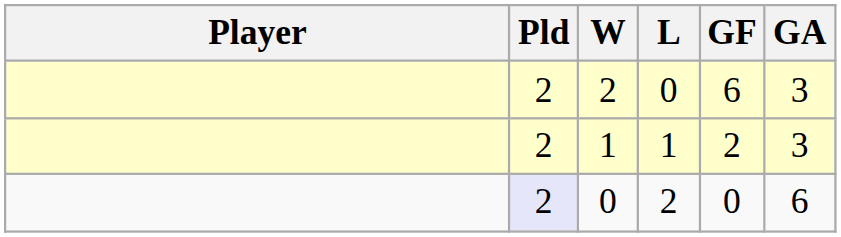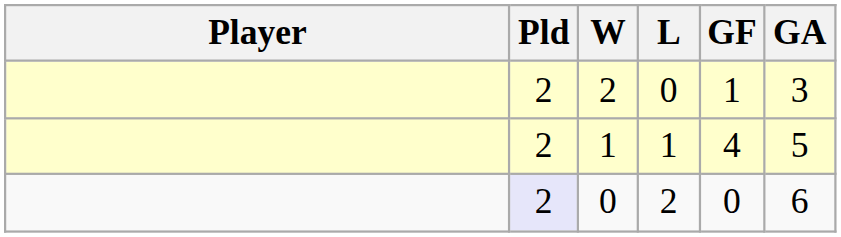 <table class=wikitable style="text-align:center">
 <tr>
 <th width=220>Player</th>
 <th width=20>Pld</th>
 <th width=20>W</th>
 <th width=20>L</th>
 <th width=20>GF</th>
 <th width=20>GA</th>
 </tr>
 <tr bgcolor=#ffffcc>
 <td align=left></td>
 <td>2</td>
 <td>2</td>
 <td>0</td>
-<td>6</td>
+<td>1</td>
 <td>3</td>
 </tr>
 <tr bgcolor=#ffffcc>
 <td align=left></td>
 <td>2</td>
 <td>1</td>
 <td>1</td>
-<td>2</td>
-<td>3</td>
+<td>4</td>
+<td>5</td>
 </tr>
 <tr>
 <td align=left></td>
 <td style="background: lavender;">2</td>
 <td>0</td>
 <td>2</td>
 <td>0</td>
 <td>6</td>
 </tr>
 </table>
